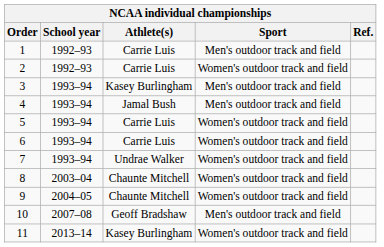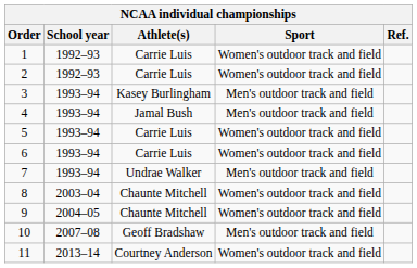 <table class="wikitable sortable collapsible" width=" %">
 <tr align="center">
 <th colspan=5>NCAA individual championships</th>
 </tr>
 <tr>
 <th>Order</th>
 <th>School year</th>
 <th>Athlete(s)</th>
 <th>Sport</th>
 <th>Ref.</th>
 </tr>
 <tr align="center" bgcolor="">
 <td>1</td>
 <td>1992–93</td>
 <td>Carrie Luis</td>
-<td>Men's outdoor track and field</td>
+<td>Women's outdoor track and field</td>
 <td></td>
 </tr>
 <tr align="center" bgcolor="">
 <td>2</td>
 <td>1992–93</td>
 <td>Carrie Luis</td>
 <td>Women's outdoor track and field</td>
 <td></td>
 </tr>
 <tr align="center" bgcolor="">
 <td>3</td>
 <td>1993–94</td>
 <td>Kasey Burlingham</td>
 <td>Men's outdoor track and field</td>
 <td></td>
 </tr>
 <tr align="center" bgcolor="">
 <td>4</td>
 <td>1993–94</td>
 <td>Jamal Bush</td>
 <td>Men's outdoor track and field</td>
 <td></td>
 </tr>
 <tr align="center" bgcolor="">
 <td>5</td>
 <td>1993–94</td>
 <td>Carrie Luis</td>
 <td>Women's outdoor track and field</td>
 <td></td>
 </tr>
 <tr align="center" bgcolor="">
 <td>6</td>
 <td>1993–94</td>
 <td>Carrie Luis</td>
 <td>Women's outdoor track and field</td>
 <td></td>
 </tr>
 <tr align="center" bgcolor="">
 <td>7</td>
 <td>1993–94</td>
 <td>Undrae Walker</td>
-<td>Women's outdoor track and field</td>
+<td>Men's outdoor track and field</td>
 <td></td>
 </tr>
 <tr align="center" bgcolor="">
 <td>8</td>
 <td>2003–04</td>
 <td>Chaunte Mitchell</td>
 <td>Women's outdoor track and field</td>
 <td></td>
 </tr>
 <tr align="center" bgcolor="">
 <td>9</td>
 <td>2004–05</td>
 <td>Chaunte Mitchell</td>
 <td>Women's outdoor track and field</td>
 <td></td>
 </tr>
 <tr align="center" bgcolor="">
 <td>10</td>
 <td>2007–08</td>
 <td>Geoff Bradshaw</td>
 <td>Men's outdoor track and field</td>
 <td></td>
 </tr>
 <tr align="center" bgcolor="">
 <td>11</td>
 <td>2013–14</td>
-<td>Kasey Burlingham</td>
+<td>Courtney Anderson</td>
 <td>Women's outdoor track and field</td>
 <td></td>
 </tr>
 </table>
